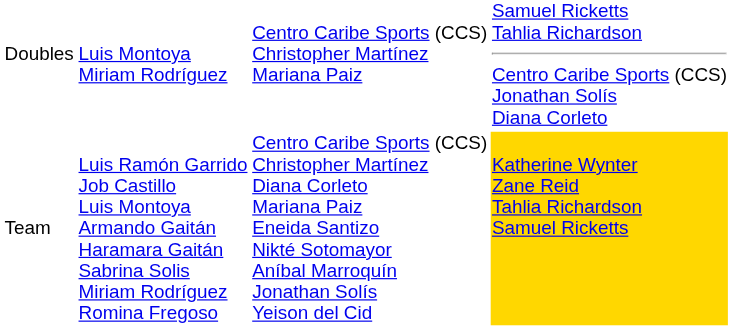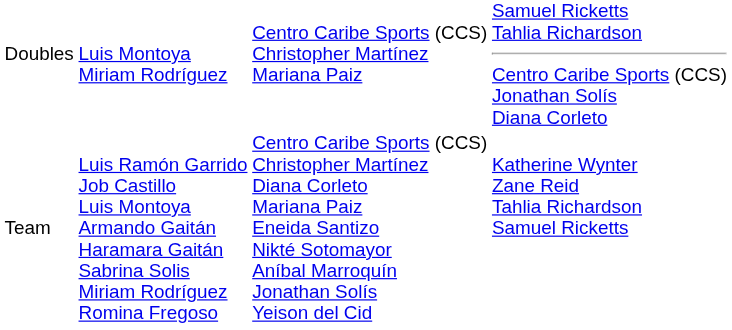 <table>
 <tr>
 <td>Doubles</td>
 <td><br><a href='#'>Luis Montoya</a><br><a href='#'>Miriam Rodríguez</a></td>
 <td><a href='#'>Centro Caribe Sports</a> (CCS)<br><a href='#'>Christopher Martínez</a><br><a href='#'>Mariana Paiz</a></td>
 <td><br><a href='#'>Samuel Ricketts</a><br><a href='#'>Tahlia Richardson</a><hr><a href='#'>Centro Caribe Sports</a> (CCS)<br><a href='#'>Jonathan Solís</a><br><a href='#'>Diana Corleto</a></td>
 </tr>
 <tr>
 <td>Team</td>
 <td><br><a href='#'>Luis Ramón Garrido</a><br><a href='#'>Job Castillo</a><br><a href='#'>Luis Montoya</a><br><a href='#'>Armando Gaitán</a><br><a href='#'>Haramara Gaitán</a><br><a href='#'>Sabrina Solis</a><br><a href='#'>Miriam Rodríguez</a><br><a href='#'>Romina Fregoso</a></td>
 <td><a href='#'>Centro Caribe Sports</a> (CCS)<br><a href='#'>Christopher Martínez</a><br><a href='#'>Diana Corleto</a><br><a href='#'>Mariana Paiz</a><br><a href='#'>Eneida Santizo</a><br><a href='#'>Nikté Sotomayor</a><br><a href='#'>Aníbal Marroquín</a><br><a href='#'>Jonathan Solís</a><br><a href='#'>Yeison del Cid</a></td>
-<td valign=top style="background: gold;"><br><a href='#'>Katherine Wynter</a><br><a href='#'>Zane Reid</a><br><a href='#'>Tahlia Richardson</a><br><a href='#'>Samuel Ricketts</a></td>
+<td valign=top><br><a href='#'>Katherine Wynter</a><br><a href='#'>Zane Reid</a><br><a href='#'>Tahlia Richardson</a><br><a href='#'>Samuel Ricketts</a></td>
 </tr>
 </table>
